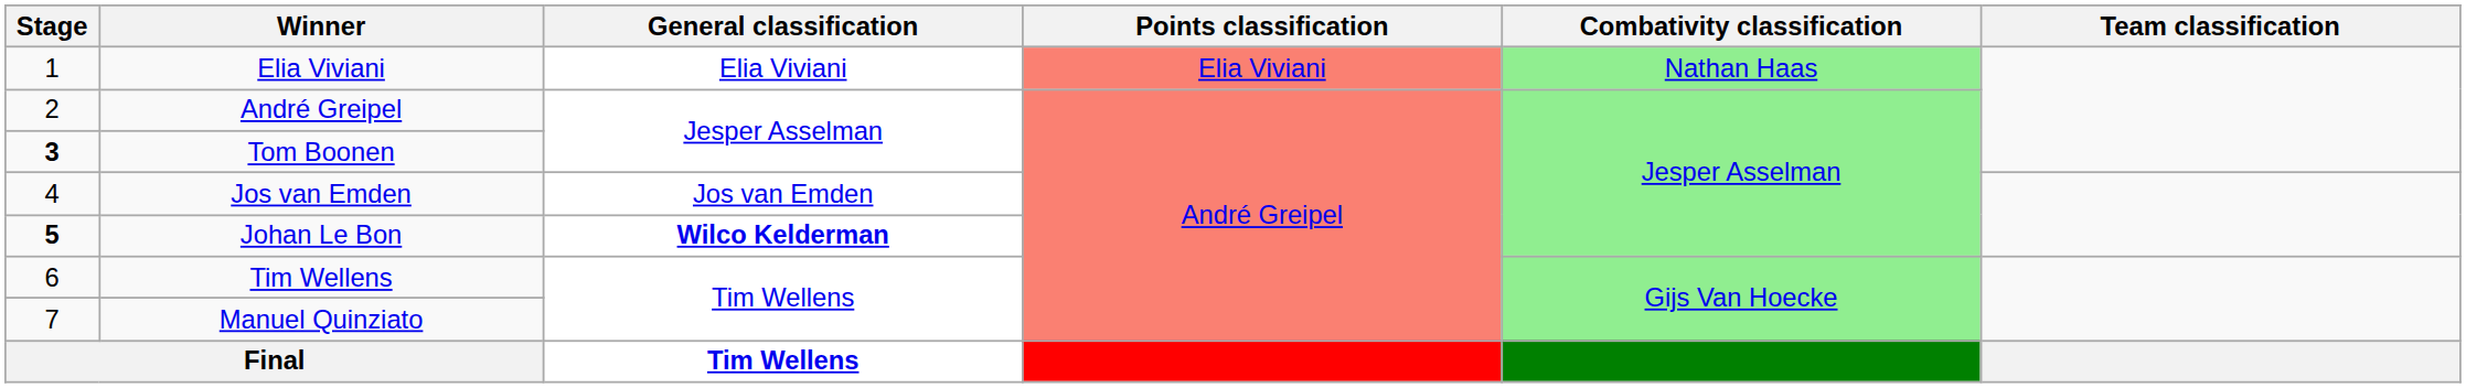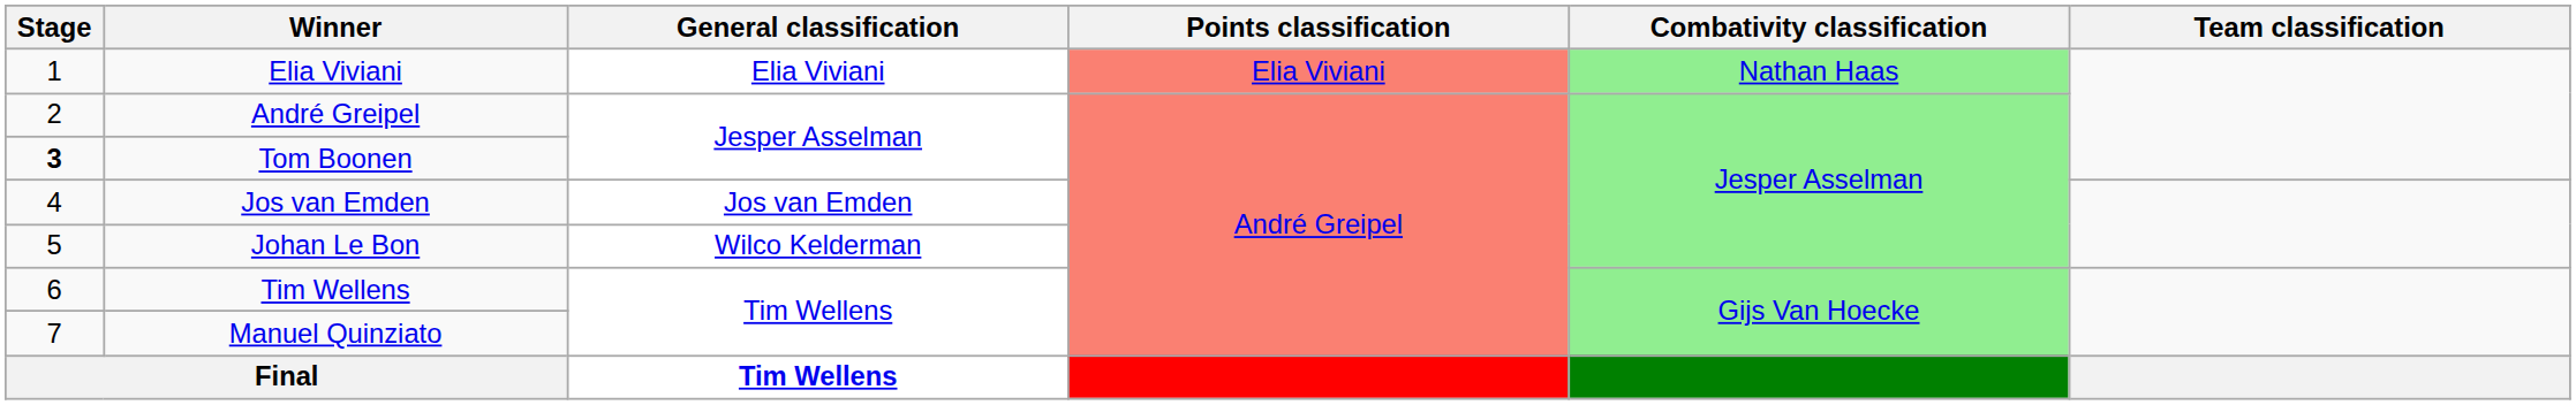 <table class="wikitable" style="text-align: center; font-size:smaller;">
 <tr style="background:#efefef;">
 <th style="width:1%;">Stage</th>
 <th style="width:13%;">Winner</th>
 <th style="width:14%;">General classification<br></th>
 <th style="width:14%;">Points classification<br></th>
 <th style="width:14%;">Combativity classification<br></th>
 <th style="width:14%;">Team classification</th>
 </tr>
 <tr>
 <td>1</td>
 <td><a href='#'>Elia Viviani</a></td>
 <td style="background:white;"><a href='#'>Elia Viviani</a></td>
 <td style="background:salmon"><a href='#'>Elia Viviani</a></td>
 <td style="background:lightgreen;"><a href='#'>Nathan Haas</a></td>
 <td style="background:offwhite" rowspan=3></td>
 </tr>
 <tr>
 <td>2</td>
 <td><a href='#'>André Greipel</a></td>
 <td style="background:white;" rowspan=2><a href='#'>Jesper Asselman</a></td>
 <td style="background:salmon" rowspan=6><a href='#'>André Greipel</a></td>
 <td style="background:lightgreen;" rowspan=4><a href='#'>Jesper Asselman</a></td>
 </tr>
 <tr>
 <td><strong>3</strong></td>
 <td><a href='#'>Tom Boonen</a></td>
 </tr>
 <tr>
 <td>4</td>
 <td><a href='#'>Jos van Emden</a></td>
 <td style="background:white;"><a href='#'>Jos van Emden</a></td>
 <td rowspan=2></td>
 </tr>
 <tr>
-<td><strong>5</strong></td>
+<td>5</td>
 <td><a href='#'>Johan Le Bon</a></td>
-<td style="background:white;"><strong><a href='#'>Wilco Kelderman</a></strong></td>
+<td style="background:white;"><a href='#'>Wilco Kelderman</a></td>
 </tr>
 <tr>
 <td>6</td>
 <td><a href='#'>Tim Wellens</a></td>
 <td style="background:white;" rowspan=2><a href='#'>Tim Wellens</a></td>
 <td style="background:lightgreen;" rowspan=2><a href='#'>Gijs Van Hoecke</a></td>
 <td rowspan=2></td>
 </tr>
 <tr>
 <td>7</td>
 <td><a href='#'>Manuel Quinziato</a></td>
 </tr>
 <tr>
 <th colspan=2><strong>Final</strong></th>
 <th style="background:white;"><a href='#'>Tim Wellens</a></th>
 <th style="background:red;"></th>
 <th style="background:green;"></th>
 <th style="background:offwhite;"></th>
 </tr>
 </table>
